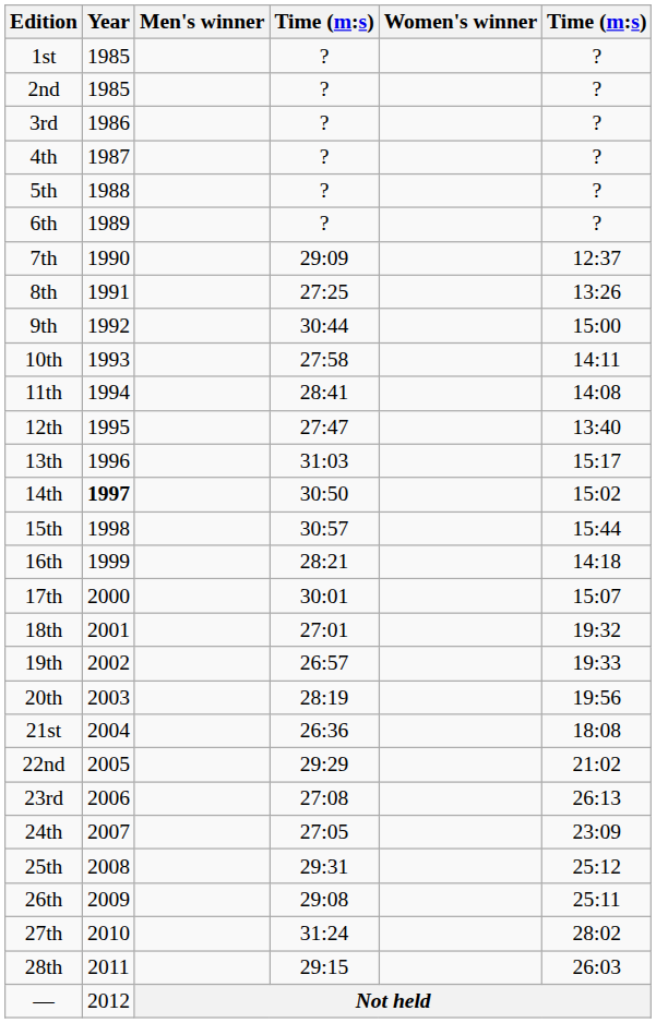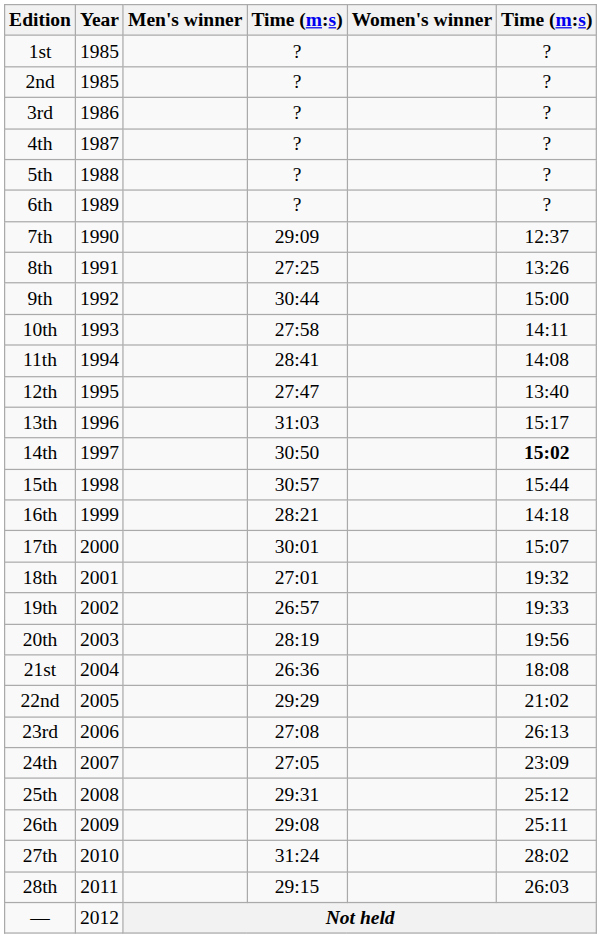 <table class="wikitable" style="text-align:center">
 <tr>
 <th>Edition</th>
 <th>Year</th>
 <th>Men's winner</th>
 <th>Time (<a href='#'>m</a>:<a href='#'>s</a>)</th>
 <th>Women's winner</th>
 <th>Time (<a href='#'>m</a>:<a href='#'>s</a>)</th>
 </tr>
 <tr>
 <td>1st</td>
 <td>1985</td>
 <td align=left></td>
 <td>?</td>
 <td align=left></td>
 <td>?</td>
 </tr>
 <tr>
 <td>2nd</td>
 <td>1985</td>
 <td align=left></td>
 <td>?</td>
 <td align=left></td>
 <td>?</td>
 </tr>
 <tr>
 <td>3rd</td>
 <td>1986</td>
 <td align=left></td>
 <td>?</td>
 <td align=left></td>
 <td>?</td>
 </tr>
 <tr>
 <td>4th</td>
 <td>1987</td>
 <td align=left></td>
 <td>?</td>
 <td align=left></td>
 <td>?</td>
 </tr>
 <tr>
 <td>5th</td>
 <td>1988</td>
 <td align=left></td>
 <td>?</td>
 <td align=left></td>
 <td>?</td>
 </tr>
 <tr>
 <td>6th</td>
 <td>1989</td>
 <td align=left></td>
 <td>?</td>
 <td align=left></td>
 <td>?</td>
 </tr>
 <tr>
 <td>7th</td>
 <td>1990</td>
 <td align=left></td>
 <td>29:09</td>
 <td align=left></td>
 <td>12:37</td>
 </tr>
 <tr>
 <td>8th</td>
 <td>1991</td>
 <td align=left></td>
 <td>27:25</td>
 <td align=left></td>
 <td>13:26</td>
 </tr>
 <tr>
 <td>9th</td>
 <td>1992</td>
 <td align=left></td>
 <td>30:44</td>
 <td align=left></td>
 <td>15:00</td>
 </tr>
 <tr>
 <td>10th</td>
 <td>1993</td>
 <td align=left></td>
 <td>27:58</td>
 <td align=left></td>
 <td>14:11</td>
 </tr>
 <tr>
 <td>11th</td>
 <td>1994</td>
 <td align=left></td>
 <td>28:41</td>
 <td align=left></td>
 <td>14:08</td>
 </tr>
 <tr>
 <td>12th</td>
 <td>1995</td>
 <td align=left></td>
 <td>27:47</td>
 <td align=left></td>
 <td>13:40</td>
 </tr>
 <tr>
 <td>13th</td>
 <td>1996</td>
 <td align=left></td>
 <td>31:03</td>
 <td align=left></td>
 <td>15:17</td>
 </tr>
 <tr>
 <td>14th</td>
-<td><strong>1997</strong></td>
+<td>1997</td>
 <td align=left></td>
 <td>30:50</td>
 <td align=left></td>
-<td>15:02</td>
+<td><strong>15:02</strong></td>
 </tr>
 <tr>
 <td>15th</td>
 <td>1998</td>
 <td align=left></td>
 <td>30:57</td>
 <td align=left></td>
 <td>15:44</td>
 </tr>
 <tr>
 <td>16th</td>
 <td>1999</td>
 <td align=left></td>
 <td>28:21</td>
 <td align=left></td>
 <td>14:18</td>
 </tr>
 <tr>
 <td>17th</td>
 <td>2000</td>
 <td align=left></td>
 <td>30:01</td>
 <td align=left></td>
 <td>15:07</td>
 </tr>
 <tr>
 <td>18th</td>
 <td>2001</td>
 <td align=left></td>
 <td>27:01</td>
 <td align=left></td>
 <td>19:32</td>
 </tr>
 <tr>
 <td>19th</td>
 <td>2002</td>
 <td align=left></td>
 <td>26:57</td>
 <td align=left></td>
 <td>19:33</td>
 </tr>
 <tr>
 <td>20th</td>
 <td>2003</td>
 <td align=left></td>
 <td>28:19</td>
 <td align=left></td>
 <td>19:56</td>
 </tr>
 <tr>
 <td>21st</td>
 <td>2004</td>
 <td align=left></td>
 <td>26:36</td>
 <td align=left></td>
 <td>18:08</td>
 </tr>
 <tr>
 <td>22nd</td>
 <td>2005</td>
 <td align=left></td>
 <td>29:29</td>
 <td align=left></td>
 <td>21:02</td>
 </tr>
 <tr>
 <td>23rd</td>
 <td>2006</td>
 <td align=left></td>
 <td>27:08</td>
 <td align=left></td>
 <td>26:13</td>
 </tr>
 <tr>
 <td>24th</td>
 <td>2007</td>
 <td align=left></td>
 <td>27:05</td>
 <td align=left></td>
 <td>23:09</td>
 </tr>
 <tr>
 <td>25th</td>
 <td>2008</td>
 <td align=left></td>
 <td>29:31</td>
 <td align=left></td>
 <td>25:12</td>
 </tr>
 <tr>
 <td>26th</td>
 <td>2009</td>
 <td align=left></td>
 <td>29:08</td>
 <td align=left></td>
 <td>25:11</td>
 </tr>
 <tr>
 <td>27th</td>
 <td>2010</td>
 <td align=left></td>
 <td>31:24</td>
 <td align=left></td>
 <td>28:02</td>
 </tr>
 <tr>
 <td>28th</td>
 <td>2011</td>
 <td align=left></td>
 <td>29:15</td>
 <td align=left></td>
 <td>26:03</td>
 </tr>
 <tr>
 <td>—</td>
 <td>2012</td>
 <th colspan=4><em>Not held</em></th>
 </tr>
 </table>
